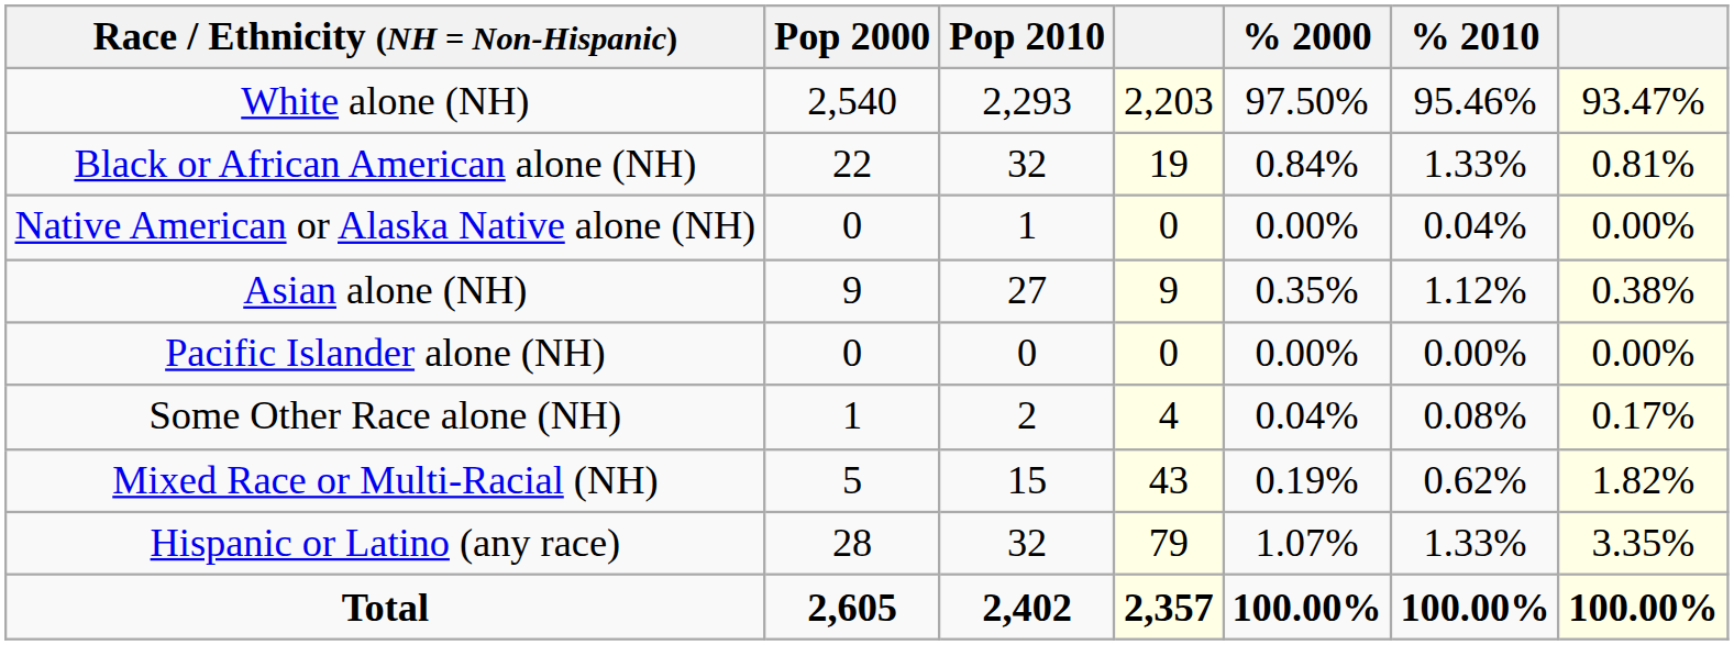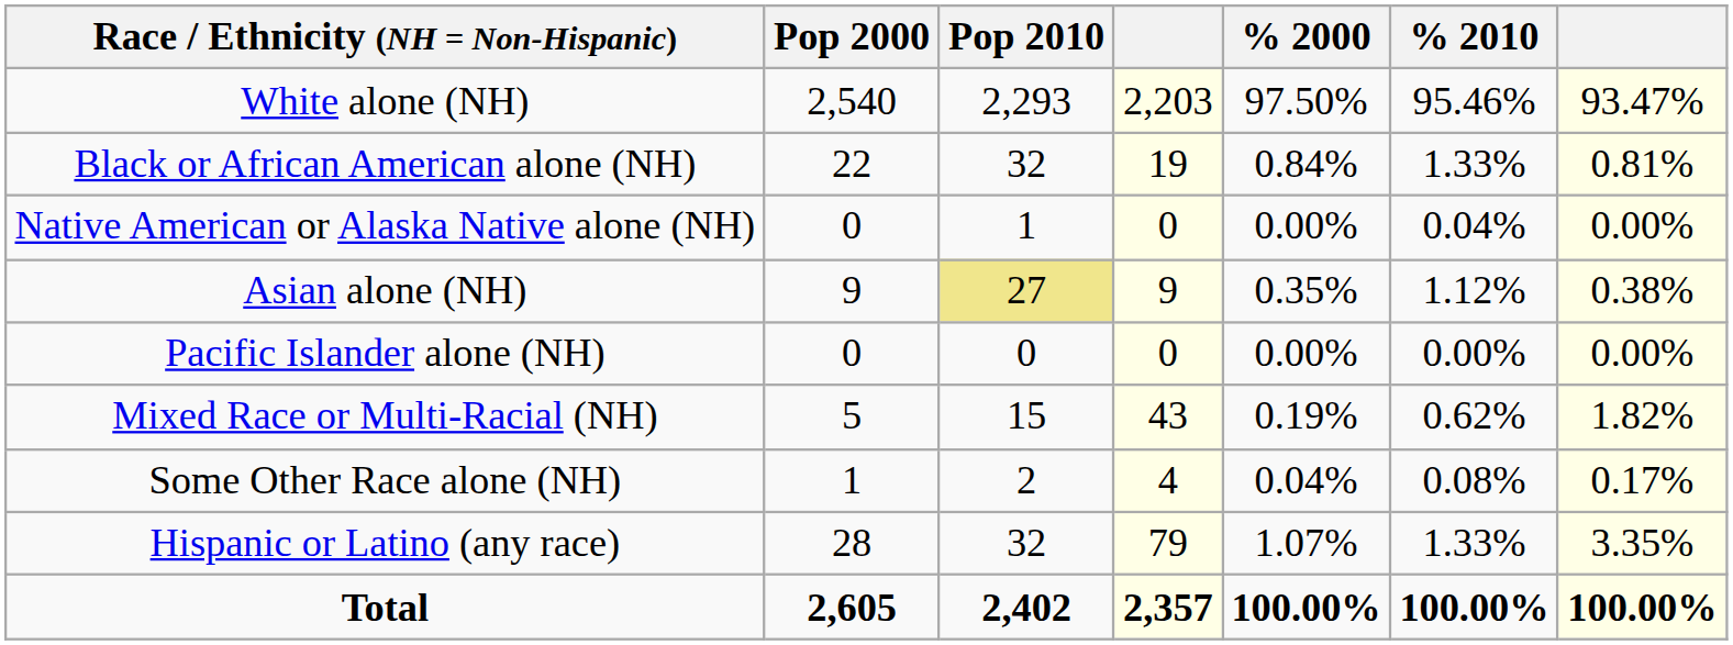 <table class="wikitable" style="text-align:center;">
 <tr>
 <th>Race / Ethnicity <small>(<em>NH = Non-Hispanic</em>)</small></th>
 <th>Pop 2000</th>
 <th>Pop 2010</th>
 <th></th>
 <th>% 2000</th>
 <th>% 2010</th>
 <th></th>
 </tr>
 <tr>
 <td><a href='#'>White</a> alone (NH)</td>
 <td>2,540</td>
 <td>2,293</td>
 <td style='background: #ffffe6;'>2,203</td>
 <td>97.50%</td>
 <td>95.46%</td>
 <td style='background: #ffffe6;'>93.47%</td>
 </tr>
 <tr>
 <td><a href='#'>Black or African American</a> alone (NH)</td>
 <td>22</td>
 <td>32</td>
 <td style='background: #ffffe6;'>19</td>
 <td>0.84%</td>
 <td>1.33%</td>
 <td style='background: #ffffe6;'>0.81%</td>
 </tr>
 <tr>
 <td><a href='#'>Native American</a> or <a href='#'>Alaska Native</a> alone (NH)</td>
 <td>0</td>
 <td>1</td>
 <td style='background: #ffffe6;'>0</td>
 <td>0.00%</td>
 <td>0.04%</td>
 <td style='background: #ffffe6;'>0.00%</td>
 </tr>
 <tr>
 <td><a href='#'>Asian</a> alone (NH)</td>
 <td>9</td>
-<td>27</td>
+<td style="background: khaki;">27</td>
 <td style='background: #ffffe6;'>9</td>
 <td>0.35%</td>
 <td>1.12%</td>
 <td style='background: #ffffe6;'>0.38%</td>
 </tr>
 <tr>
 <td><a href='#'>Pacific Islander</a> alone (NH)</td>
 <td>0</td>
 <td>0</td>
 <td style='background: #ffffe6;'>0</td>
 <td>0.00%</td>
 <td>0.00%</td>
 <td style='background: #ffffe6;'>0.00%</td>
 </tr>
 <tr>
+<td><a href='#'>Mixed Race or Multi-Racial</a> (NH)</td>
+<td>5</td>
+<td>15</td>
+<td style='background: #ffffe6;'>43</td>
+<td>0.19%</td>
+<td>0.62%</td>
+<td style='background: #ffffe6;'>1.82%</td>
+</tr>
+<tr>
 <td>Some Other Race alone (NH)</td>
 <td>1</td>
 <td>2</td>
 <td style='background: #ffffe6;'>4</td>
 <td>0.04%</td>
 <td>0.08%</td>
 <td style='background: #ffffe6;'>0.17%</td>
-</tr>
-<tr>
-<td><a href='#'>Mixed Race or Multi-Racial</a> (NH)</td>
-<td>5</td>
-<td>15</td>
-<td style='background: #ffffe6;'>43</td>
-<td>0.19%</td>
-<td>0.62%</td>
-<td style='background: #ffffe6;'>1.82%</td>
 </tr>
 <tr>
 <td><a href='#'>Hispanic or Latino</a> (any race)</td>
 <td>28</td>
 <td>32</td>
 <td style='background: #ffffe6;'>79</td>
 <td>1.07%</td>
 <td>1.33%</td>
 <td style='background: #ffffe6;'>3.35%</td>
 </tr>
 <tr>
 <td><strong>Total</strong></td>
 <td><strong>2,605</strong></td>
 <td><strong>2,402</strong></td>
 <td style='background: #ffffe6;'><strong>2,357</strong></td>
 <td><strong>100.00%</strong></td>
 <td><strong>100.00%</strong></td>
 <td style='background: #ffffe6;'><strong>100.00%</strong></td>
 </tr>
 </table>
